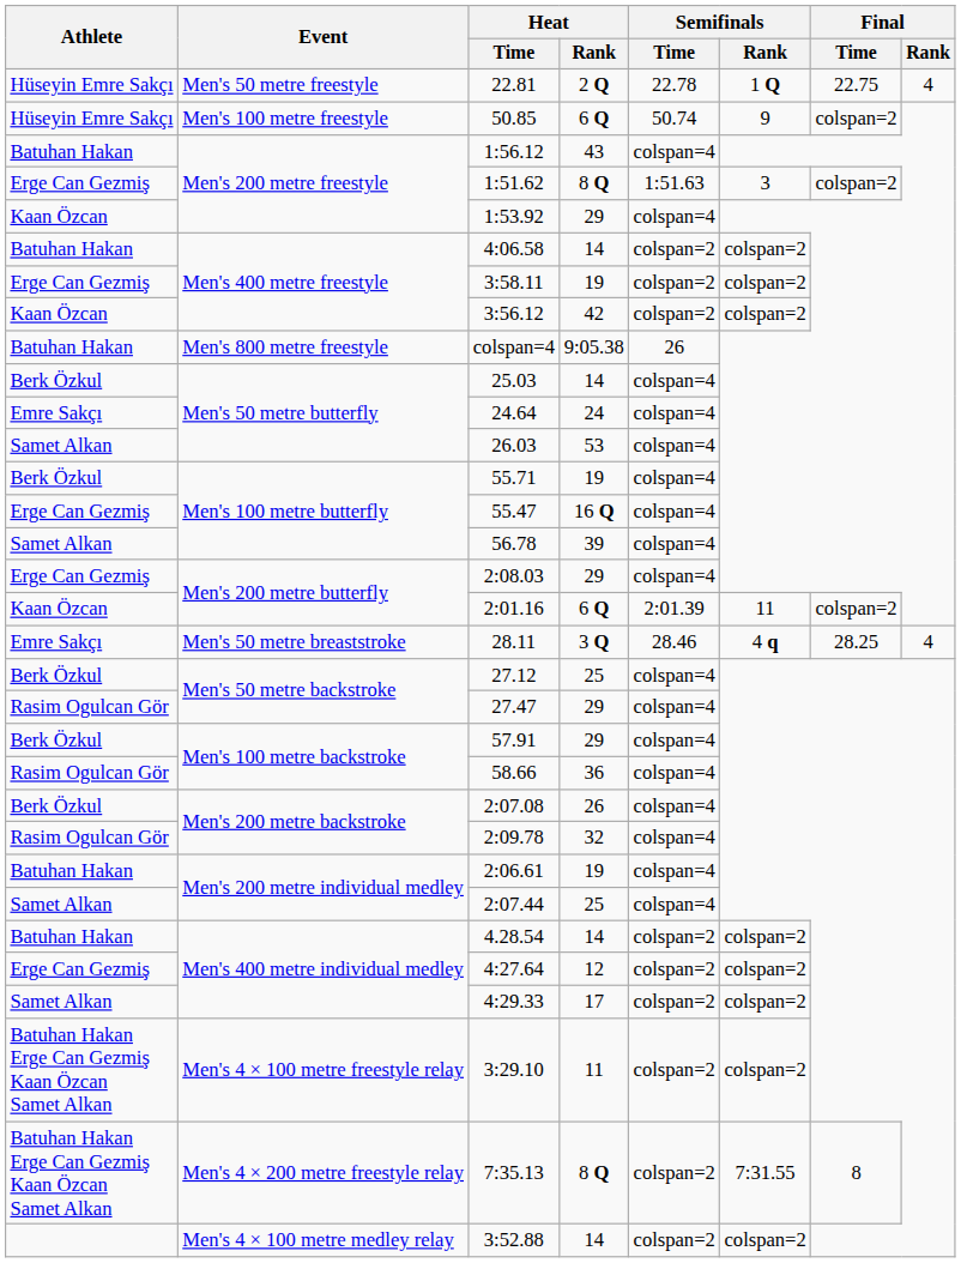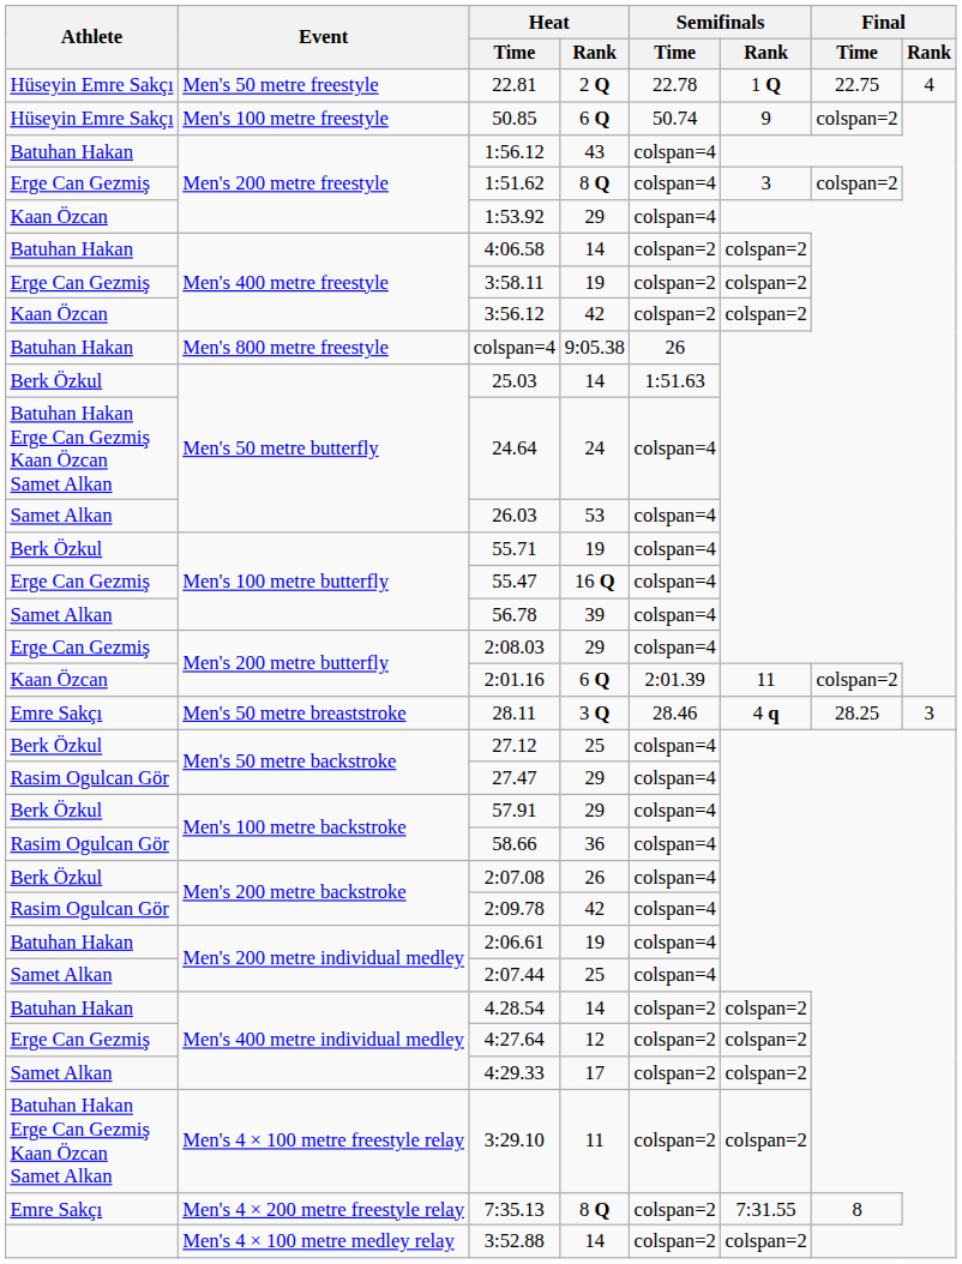 <table class=wikitable style="font-size:90%">
 <tr>
 <th rowspan="2">Athlete</th>
 <th rowspan="2">Event</th>
 <th colspan="2">Heat</th>
 <th colspan="2">Semifinals</th>
 <th colspan="2">Final</th>
 </tr>
 <tr style="font-size:95%">
 <th>Time</th>
 <th>Rank</th>
 <th>Time</th>
 <th>Rank</th>
 <th>Time</th>
 <th>Rank</th>
 </tr>
 <tr align=center>
 <td align=left><a href='#'>Hüseyin Emre Sakçı</a></td>
 <td align=left><a href='#'>Men's 50 metre freestyle</a></td>
 <td>22.81</td>
 <td>2 <strong>Q</strong></td>
 <td>22.78</td>
 <td>1 <strong>Q</strong></td>
 <td>22.75</td>
 <td>4</td>
 </tr>
 <tr align=center>
 <td align=left><a href='#'>Hüseyin Emre Sakçı</a></td>
 <td align=left><a href='#'>Men's 100 metre freestyle</a></td>
 <td>50.85</td>
 <td>6 <strong>Q</strong></td>
 <td>50.74</td>
 <td>9</td>
 <td>colspan=2 </td>
 </tr>
 <tr align=center>
 <td align=left><a href='#'>Batuhan Hakan</a></td>
 <td align=left rowspan=3><a href='#'>Men's 200 metre freestyle</a></td>
 <td>1:56.12</td>
 <td>43</td>
 <td>colspan=4 </td>
 </tr>
 <tr align=center>
 <td align=left><a href='#'>Erge Can Gezmiş</a></td>
 <td>1:51.62</td>
 <td>8 <strong>Q</strong></td>
-<td>1:51.63</td>
+<td>colspan=4 </td>
 <td>3</td>
 <td>colspan=2 </td>
 </tr>
 <tr align=center>
 <td align=left><a href='#'>Kaan Özcan</a></td>
 <td>1:53.92</td>
 <td>29</td>
 <td>colspan=4 </td>
 </tr>
 <tr align=center>
 <td align=left><a href='#'>Batuhan Hakan</a></td>
 <td align=left rowspan=3><a href='#'>Men's 400 metre freestyle</a></td>
 <td>4:06.58</td>
 <td>14</td>
 <td>colspan=2 </td>
 <td>colspan=2 </td>
 </tr>
 <tr align=center>
 <td align=left><a href='#'>Erge Can Gezmiş</a></td>
 <td>3:58.11</td>
 <td>19</td>
 <td>colspan=2 </td>
 <td>colspan=2 </td>
 </tr>
 <tr align=center>
 <td align=left><a href='#'>Kaan Özcan</a></td>
 <td>3:56.12</td>
 <td>42</td>
 <td>colspan=2 </td>
 <td>colspan=2 </td>
 </tr>
 <tr align=center>
 <td align=left><a href='#'>Batuhan Hakan</a></td>
 <td align=left><a href='#'>Men's 800 metre freestyle</a></td>
 <td>colspan=4 </td>
 <td>9:05.38</td>
 <td>26</td>
 </tr>
 <tr align=center>
 <td align=left><a href='#'>Berk Özkul</a></td>
 <td align=left rowspan=3><a href='#'>Men's 50 metre butterfly</a></td>
 <td>25.03</td>
 <td>14</td>
-<td>colspan=4 </td>
+<td>1:51.63</td>
 </tr>
 <tr align=center>
-<td align=left><a href='#'>Emre Sakçı</a></td>
+<td align=left><a href='#'>Batuhan Hakan</a><br><a href='#'>Erge Can Gezmiş</a><br><a href='#'>Kaan Özcan</a><br><a href='#'>Samet Alkan</a></td>
 <td>24.64</td>
 <td>24</td>
 <td>colspan=4 </td>
 </tr>
 <tr align=center>
 <td align=left><a href='#'>Samet Alkan</a></td>
 <td>26.03</td>
 <td>53</td>
 <td>colspan=4 </td>
 </tr>
 <tr align=center>
 <td align=left><a href='#'>Berk Özkul</a></td>
 <td align=left rowspan=3><a href='#'>Men's 100 metre butterfly</a></td>
 <td>55.71</td>
 <td>19</td>
 <td>colspan=4 </td>
 </tr>
 <tr align=center>
 <td align=left><a href='#'>Erge Can Gezmiş</a></td>
 <td>55.47</td>
 <td>16 <strong>Q</strong></td>
 <td>colspan=4 </td>
 </tr>
 <tr align=center>
 <td align=left><a href='#'>Samet Alkan</a></td>
 <td>56.78</td>
 <td>39</td>
 <td>colspan=4 </td>
 </tr>
 <tr align=center>
 <td align=left><a href='#'>Erge Can Gezmiş</a></td>
 <td align=left rowspan=2><a href='#'>Men's 200 metre butterfly</a></td>
 <td>2:08.03</td>
 <td>29</td>
 <td>colspan=4 </td>
 </tr>
 <tr align=center>
 <td align=left><a href='#'>Kaan Özcan</a></td>
 <td>2:01.16</td>
 <td>6 <strong>Q</strong></td>
 <td>2:01.39</td>
 <td>11</td>
 <td>colspan=2 </td>
 </tr>
 <tr align=center>
 <td align=left><a href='#'>Emre Sakçı</a></td>
 <td align=left><a href='#'>Men's 50 metre breaststroke</a></td>
 <td>28.11</td>
 <td>3 <strong>Q</strong></td>
 <td>28.46</td>
 <td>4 <strong>q</strong></td>
 <td>28.25</td>
-<td>4</td>
+<td>3</td>
 </tr>
 <tr align=center>
 <td align=left><a href='#'>Berk Özkul</a></td>
 <td align=left rowspan=2><a href='#'>Men's 50 metre backstroke</a></td>
 <td>27.12</td>
 <td>25</td>
 <td>colspan=4 </td>
 </tr>
 <tr align=center>
 <td align=left><a href='#'>Rasim Ogulcan Gör</a></td>
 <td>27.47</td>
 <td>29</td>
 <td>colspan=4 </td>
 </tr>
 <tr align=center>
 <td align=left><a href='#'>Berk Özkul</a></td>
 <td align=left rowspan=2><a href='#'>Men's 100 metre backstroke</a></td>
 <td>57.91</td>
 <td>29</td>
 <td>colspan=4 </td>
 </tr>
 <tr align=center>
 <td align=left><a href='#'>Rasim Ogulcan Gör</a></td>
 <td>58.66</td>
 <td>36</td>
 <td>colspan=4 </td>
 </tr>
 <tr align=center>
 <td align=left><a href='#'>Berk Özkul</a></td>
 <td align=left rowspan=2><a href='#'>Men's 200 metre backstroke</a></td>
 <td>2:07.08</td>
 <td>26</td>
 <td>colspan=4 </td>
 </tr>
 <tr align=center>
 <td align=left><a href='#'>Rasim Ogulcan Gör</a></td>
 <td>2:09.78</td>
-<td>32</td>
+<td>42</td>
 <td>colspan=4 </td>
 </tr>
 <tr align=center>
 <td align=left><a href='#'>Batuhan Hakan</a></td>
 <td align=left rowspan=2><a href='#'>Men's 200 metre individual medley</a></td>
 <td>2:06.61</td>
 <td>19</td>
 <td>colspan=4 </td>
 </tr>
 <tr align=center>
 <td align=left><a href='#'>Samet Alkan</a></td>
 <td>2:07.44</td>
 <td>25</td>
 <td>colspan=4 </td>
 </tr>
 <tr align=center>
 <td align=left><a href='#'>Batuhan Hakan</a></td>
 <td align=left rowspan=3><a href='#'>Men's 400 metre individual medley</a></td>
 <td>4.28.54</td>
 <td>14</td>
 <td>colspan=2 </td>
 <td>colspan=2 </td>
 </tr>
 <tr align=center>
 <td align=left><a href='#'>Erge Can Gezmiş</a></td>
 <td>4:27.64</td>
 <td>12</td>
 <td>colspan=2 </td>
 <td>colspan=2 </td>
 </tr>
 <tr align=center>
 <td align=left><a href='#'>Samet Alkan</a></td>
 <td>4:29.33</td>
 <td>17</td>
 <td>colspan=2 </td>
 <td>colspan=2 </td>
 </tr>
 <tr align=center>
 <td align=left><a href='#'>Batuhan Hakan</a><br><a href='#'>Erge Can Gezmiş</a><br><a href='#'>Kaan Özcan</a><br><a href='#'>Samet Alkan</a></td>
 <td align=left><a href='#'>Men's 4 × 100 metre freestyle relay</a></td>
 <td>3:29.10</td>
 <td>11</td>
 <td>colspan=2 </td>
 <td>colspan=2 </td>
 </tr>
 <tr align=center>
-<td align=left><a href='#'>Batuhan Hakan</a><br><a href='#'>Erge Can Gezmiş</a><br><a href='#'>Kaan Özcan</a><br><a href='#'>Samet Alkan</a></td>
+<td align=left><a href='#'>Emre Sakçı</a></td>
 <td align=left><a href='#'>Men's 4 × 200 metre freestyle relay</a></td>
 <td>7:35.13</td>
 <td>8 <strong>Q</strong></td>
 <td>colspan=2 </td>
 <td>7:31.55</td>
 <td>8</td>
 </tr>
 <tr align=center>
 <td align=left></td>
 <td align=left><a href='#'>Men's 4 × 100 metre medley relay</a></td>
 <td>3:52.88</td>
 <td>14</td>
 <td>colspan=2 </td>
 <td>colspan=2 </td>
 </tr>
 </table>
